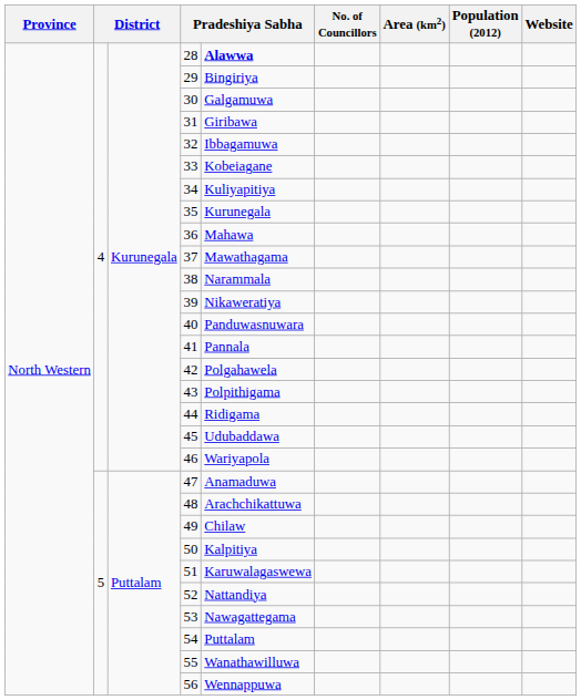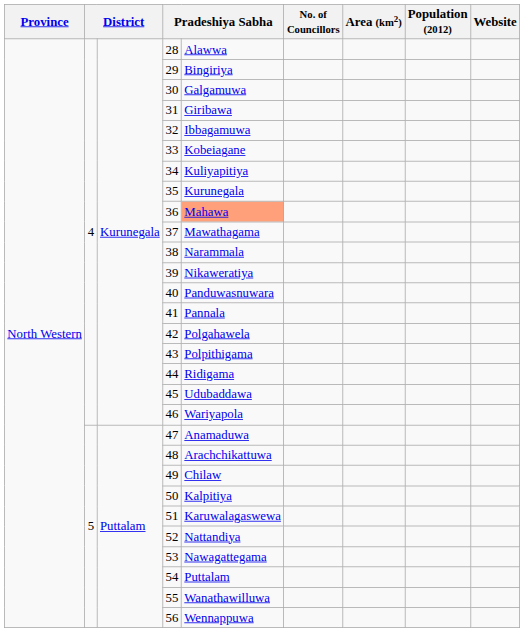 <table class="wikitable sortable">
 <tr>
 <th><a href='#'>Province</a></th>
 <th colspan="2"><a href='#'>District</a></th>
 <th colspan="2">Pradeshiya Sabha</th>
 <th><small>No. of<br>Councillors</small></th>
 <th>Area <small>(km<sup>2</sup>)</small><br></th>
 <th>Population<br><small>(2012)</small></th>
 <th>Website</th>
 </tr>
 <tr>
 <td rowspan="29"><a href='#'>North Western</a></td>
 <td rowspan="19">4</td>
 <td rowspan="19"><a href='#'>Kurunegala</a></td>
 <td>28</td>
-<td><strong><a href='#'>Alawwa</a></strong></td>
+<td><a href='#'>Alawwa</a></td>
 <td></td>
 <td></td>
 <td></td>
 <td></td>
 </tr>
 <tr>
 <td>29</td>
 <td><a href='#'>Bingiriya</a></td>
 <td></td>
 <td></td>
 <td></td>
 <td></td>
 </tr>
 <tr>
 <td>30</td>
 <td><a href='#'>Galgamuwa</a></td>
 <td></td>
 <td></td>
 <td></td>
 <td></td>
 </tr>
 <tr>
 <td>31</td>
 <td><a href='#'>Giribawa</a></td>
 <td></td>
 <td></td>
 <td></td>
 <td></td>
 </tr>
 <tr>
 <td>32</td>
 <td><a href='#'>Ibbagamuwa</a></td>
 <td></td>
 <td></td>
 <td></td>
 <td></td>
 </tr>
 <tr>
 <td>33</td>
 <td><a href='#'>Kobeiagane</a></td>
 <td></td>
 <td></td>
 <td></td>
 <td></td>
 </tr>
 <tr>
 <td>34</td>
 <td><a href='#'>Kuliyapitiya</a></td>
 <td></td>
 <td></td>
 <td></td>
 <td></td>
 </tr>
 <tr>
 <td>35</td>
 <td><a href='#'>Kurunegala</a></td>
 <td></td>
 <td></td>
 <td></td>
 <td></td>
 </tr>
 <tr>
 <td>36</td>
-<td><a href='#'>Mahawa</a></td>
+<td style="background: lightsalmon;"><a href='#'>Mahawa</a></td>
 <td></td>
 <td></td>
 <td></td>
 <td></td>
 </tr>
 <tr>
 <td>37</td>
 <td><a href='#'>Mawathagama</a></td>
 <td></td>
 <td></td>
 <td></td>
 <td></td>
 </tr>
 <tr>
 <td>38</td>
 <td><a href='#'>Narammala</a></td>
 <td></td>
 <td></td>
 <td></td>
 <td></td>
 </tr>
 <tr>
 <td>39</td>
 <td><a href='#'>Nikaweratiya</a></td>
 <td></td>
 <td></td>
 <td></td>
 <td></td>
 </tr>
 <tr>
 <td>40</td>
 <td><a href='#'>Panduwasnuwara</a></td>
 <td></td>
 <td></td>
 <td></td>
 <td></td>
 </tr>
 <tr>
 <td>41</td>
 <td><a href='#'>Pannala</a></td>
 <td></td>
 <td></td>
 <td></td>
 <td></td>
 </tr>
 <tr>
 <td>42</td>
 <td><a href='#'>Polgahawela</a></td>
 <td></td>
 <td></td>
 <td></td>
 <td></td>
 </tr>
 <tr>
 <td>43</td>
 <td><a href='#'>Polpithigama</a></td>
 <td></td>
 <td></td>
 <td></td>
 <td></td>
 </tr>
 <tr>
 <td>44</td>
 <td><a href='#'>Ridigama</a></td>
 <td></td>
 <td></td>
 <td></td>
 <td></td>
 </tr>
 <tr>
 <td>45</td>
 <td><a href='#'>Udubaddawa</a></td>
 <td></td>
 <td></td>
 <td></td>
 <td></td>
 </tr>
 <tr>
 <td>46</td>
 <td><a href='#'>Wariyapola</a></td>
 <td></td>
 <td></td>
 <td></td>
 <td></td>
 </tr>
 <tr>
 <td rowspan="10">5</td>
 <td rowspan="10"><a href='#'>Puttalam</a></td>
 <td>47</td>
 <td><a href='#'>Anamaduwa</a></td>
 <td></td>
 <td></td>
 <td></td>
 <td></td>
 </tr>
 <tr>
 <td>48</td>
 <td><a href='#'>Arachchikattuwa</a></td>
 <td></td>
 <td></td>
 <td></td>
 <td></td>
 </tr>
 <tr>
 <td>49</td>
 <td><a href='#'>Chilaw</a></td>
 <td></td>
 <td></td>
 <td></td>
 <td></td>
 </tr>
 <tr>
 <td>50</td>
 <td><a href='#'>Kalpitiya</a></td>
 <td></td>
 <td></td>
 <td></td>
 <td></td>
 </tr>
 <tr>
 <td>51</td>
 <td><a href='#'>Karuwalagaswewa</a></td>
 <td></td>
 <td></td>
 <td></td>
 <td></td>
 </tr>
 <tr>
 <td>52</td>
 <td><a href='#'>Nattandiya</a></td>
 <td></td>
 <td></td>
 <td></td>
 <td></td>
 </tr>
 <tr>
 <td>53</td>
 <td><a href='#'>Nawagattegama</a></td>
 <td></td>
 <td></td>
 <td></td>
 <td></td>
 </tr>
 <tr>
 <td>54</td>
 <td><a href='#'>Puttalam</a></td>
 <td></td>
 <td></td>
 <td></td>
 <td></td>
 </tr>
 <tr>
 <td>55</td>
 <td><a href='#'>Wanathawilluwa</a></td>
 <td></td>
 <td></td>
 <td></td>
 <td></td>
 </tr>
 <tr>
 <td>56</td>
 <td><a href='#'>Wennappuwa</a></td>
 <td></td>
 <td></td>
 <td></td>
 <td></td>
 </tr>
 </table>
